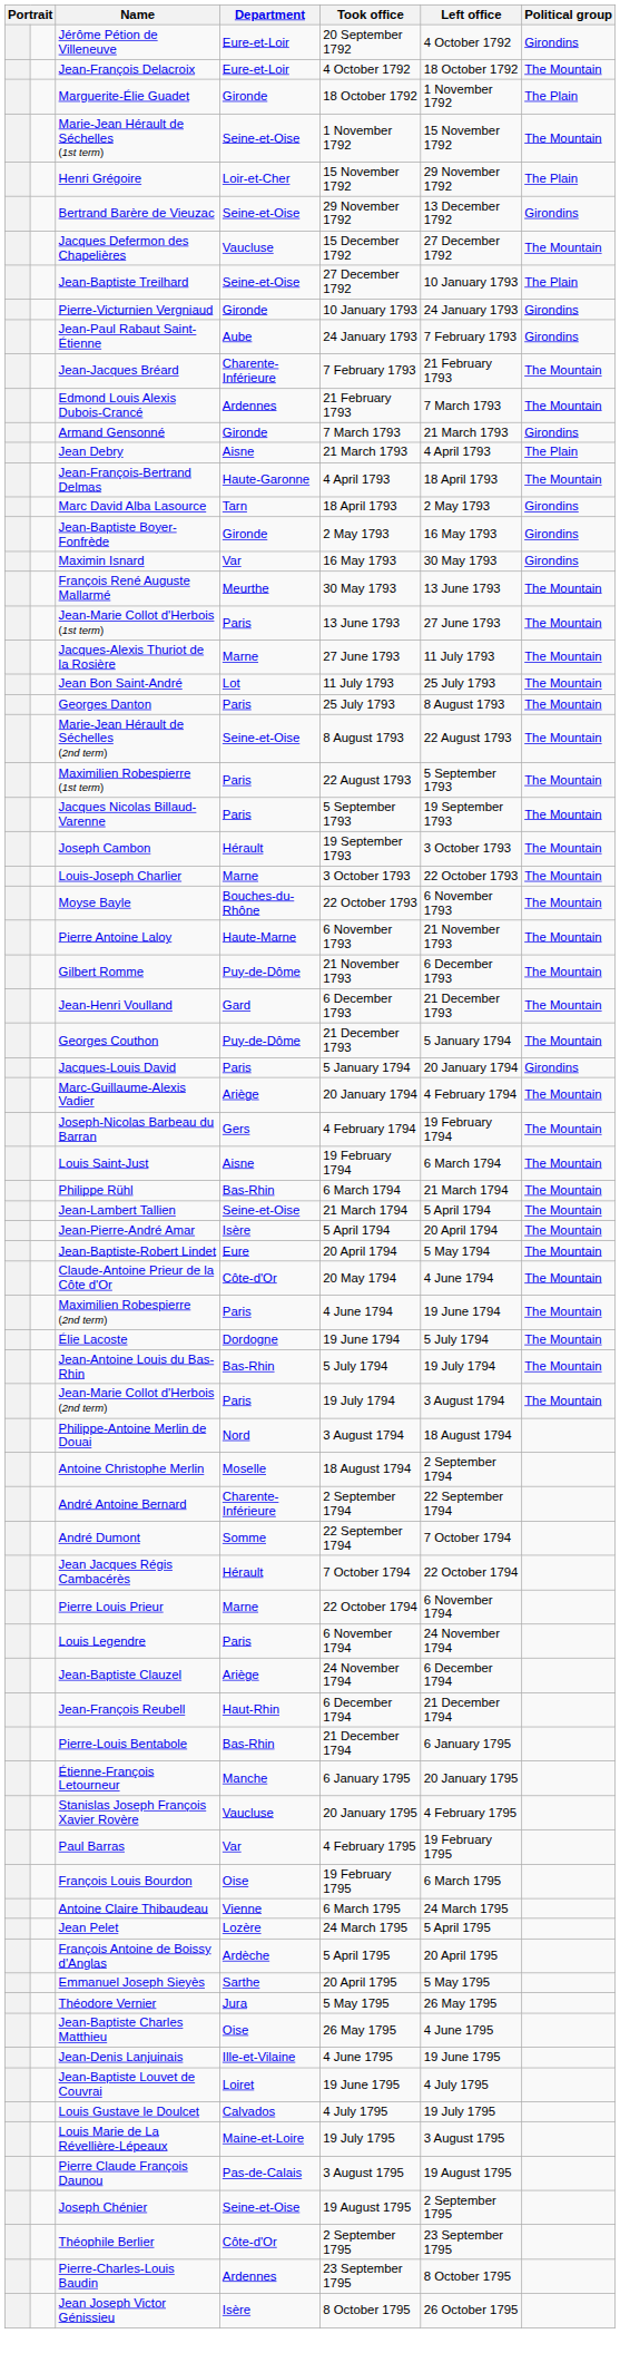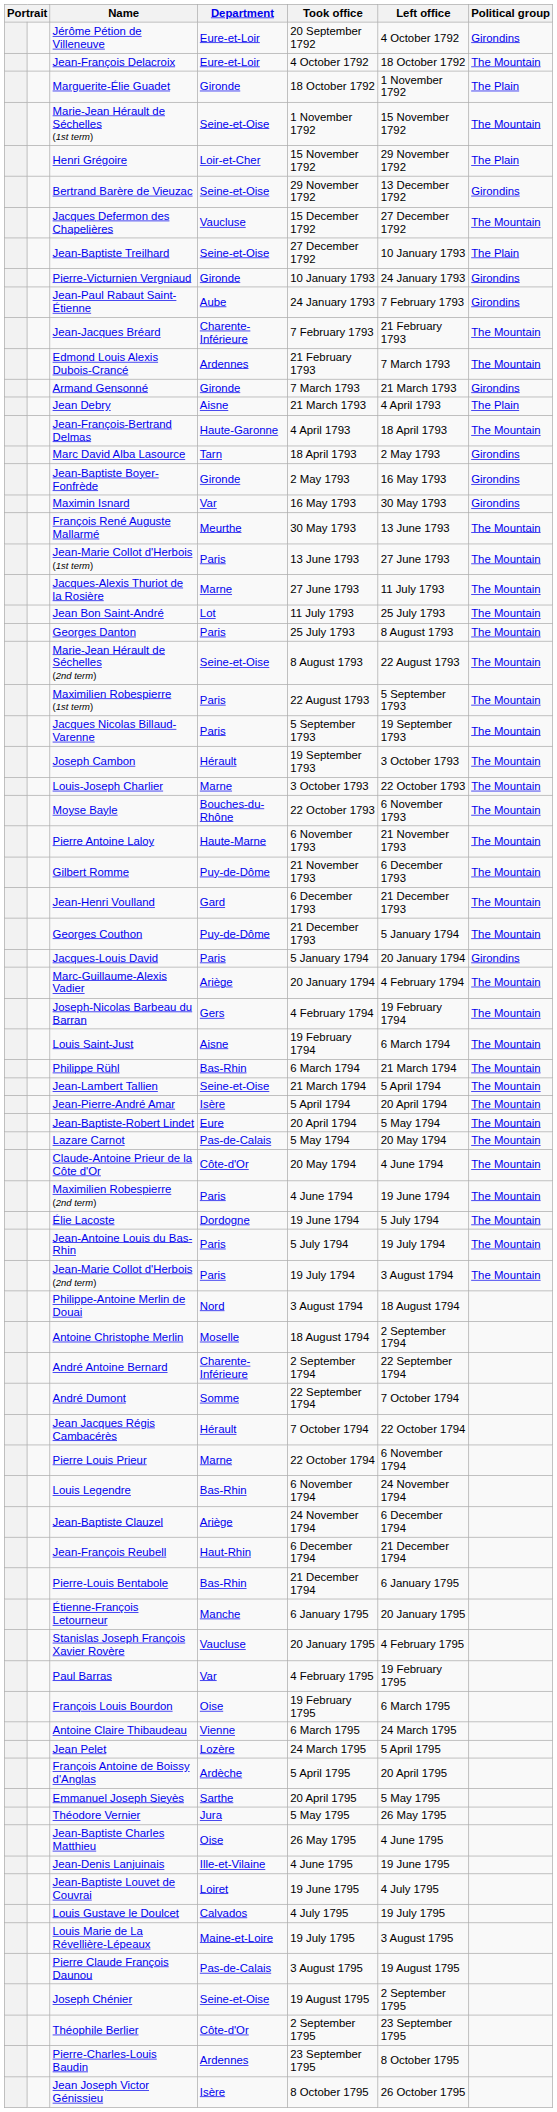 <table class="wikitable">
 <tr>
 <th colspan=2>Portrait</th>
 <th width=200>Name</th>
 <th width=120><a href='#'>Department</a></th>
 <th width=120>Took office</th>
 <th width=120>Left office</th>
 <th>Political group</th>
 </tr>
 <tr>
 <th style="background:"></th>
 <td></td>
 <td><a href='#'>Jérôme Pétion de Villeneuve</a></td>
 <td><a href='#'>Eure-et-Loir</a></td>
 <td>20 September 1792</td>
 <td>4 October 1792</td>
 <td><a href='#'>Girondins</a></td>
 </tr>
 <tr>
 <th style="background:"></th>
 <td></td>
 <td><a href='#'>Jean-François Delacroix</a></td>
 <td><a href='#'>Eure-et-Loir</a></td>
 <td>4 October 1792</td>
 <td>18 October 1792</td>
 <td><a href='#'>The Mountain</a></td>
 </tr>
 <tr>
 <th style="background:"></th>
 <td></td>
 <td><a href='#'>Marguerite-Élie Guadet</a></td>
 <td><a href='#'>Gironde</a></td>
 <td>18 October 1792</td>
 <td>1 November 1792</td>
 <td><a href='#'>The Plain</a></td>
 </tr>
 <tr>
 <th style="background:"></th>
 <td></td>
 <td><a href='#'>Marie-Jean Hérault de Séchelles</a><br><small>(<em>1st term</em>)</small></td>
 <td><a href='#'>Seine-et-Oise</a></td>
 <td>1 November 1792</td>
 <td>15 November 1792</td>
 <td><a href='#'>The Mountain</a></td>
 </tr>
 <tr>
 <th style="background:"></th>
 <td></td>
 <td><a href='#'>Henri Grégoire</a></td>
 <td><a href='#'>Loir-et-Cher</a></td>
 <td>15 November 1792</td>
 <td>29 November 1792</td>
 <td><a href='#'>The Plain</a></td>
 </tr>
 <tr>
 <th style="background:"></th>
 <td></td>
 <td><a href='#'>Bertrand Barère de Vieuzac</a></td>
 <td><a href='#'>Seine-et-Oise</a></td>
 <td>29 November 1792</td>
 <td>13 December 1792</td>
 <td><a href='#'>Girondins</a></td>
 </tr>
 <tr>
 <th style="background:"></th>
 <td></td>
 <td><a href='#'>Jacques Defermon des Chapelières</a></td>
 <td><a href='#'>Vaucluse</a></td>
 <td>15 December 1792</td>
 <td>27 December 1792</td>
 <td><a href='#'>The Mountain</a></td>
 </tr>
 <tr>
 <th style="background:"></th>
 <td></td>
 <td><a href='#'>Jean-Baptiste Treilhard</a></td>
 <td><a href='#'>Seine-et-Oise</a></td>
 <td>27 December 1792</td>
 <td>10 January 1793</td>
 <td><a href='#'>The Plain</a></td>
 </tr>
 <tr>
 <th style="background:"></th>
 <td></td>
 <td><a href='#'>Pierre-Victurnien Vergniaud</a></td>
 <td><a href='#'>Gironde</a></td>
 <td>10 January 1793</td>
 <td>24 January 1793</td>
 <td><a href='#'>Girondins</a></td>
 </tr>
 <tr>
 <th style="background:"></th>
 <td></td>
 <td><a href='#'>Jean-Paul Rabaut Saint-Étienne</a></td>
 <td><a href='#'>Aube</a></td>
 <td>24 January 1793</td>
 <td>7 February 1793</td>
 <td><a href='#'>Girondins</a></td>
 </tr>
 <tr>
 <th style="background:"></th>
 <td></td>
 <td><a href='#'>Jean-Jacques Bréard</a></td>
 <td><a href='#'>Charente-Inférieure</a></td>
 <td>7 February 1793</td>
 <td>21 February 1793</td>
 <td><a href='#'>The Mountain</a></td>
 </tr>
 <tr>
 <th style="background:"></th>
 <td></td>
 <td><a href='#'>Edmond Louis Alexis Dubois-Crancé</a></td>
 <td><a href='#'>Ardennes</a></td>
 <td>21 February 1793</td>
 <td>7 March 1793</td>
 <td><a href='#'>The Mountain</a></td>
 </tr>
 <tr>
 <th style="background:"></th>
 <td></td>
 <td><a href='#'>Armand Gensonné</a></td>
 <td><a href='#'>Gironde</a></td>
 <td>7 March 1793</td>
 <td>21 March 1793</td>
 <td><a href='#'>Girondins</a></td>
 </tr>
 <tr>
 <th style="background:"></th>
 <td></td>
 <td><a href='#'>Jean Debry</a></td>
 <td><a href='#'>Aisne</a></td>
 <td>21 March 1793</td>
 <td>4 April 1793</td>
 <td><a href='#'>The Plain</a></td>
 </tr>
 <tr>
 <th style="background:"></th>
 <td></td>
 <td><a href='#'>Jean-François-Bertrand Delmas</a></td>
 <td><a href='#'>Haute-Garonne</a></td>
 <td>4 April 1793</td>
 <td>18 April 1793</td>
 <td><a href='#'>The Mountain</a></td>
 </tr>
 <tr>
 <th style="background:"></th>
 <td></td>
 <td><a href='#'>Marc David Alba Lasource</a></td>
 <td><a href='#'>Tarn</a></td>
 <td>18 April 1793</td>
 <td>2 May 1793</td>
 <td><a href='#'>Girondins</a></td>
 </tr>
 <tr>
 <th style="background:"></th>
 <td></td>
 <td><a href='#'>Jean-Baptiste Boyer-Fonfrède</a></td>
 <td><a href='#'>Gironde</a></td>
 <td>2 May 1793</td>
 <td>16 May 1793</td>
 <td><a href='#'>Girondins</a></td>
 </tr>
 <tr>
 <th style="background:"></th>
 <td></td>
 <td><a href='#'>Maximin Isnard</a></td>
 <td><a href='#'>Var</a></td>
 <td>16 May 1793</td>
 <td>30 May 1793</td>
 <td><a href='#'>Girondins</a></td>
 </tr>
 <tr>
 <th style="background:"></th>
 <td></td>
 <td><a href='#'>François René Auguste Mallarmé</a></td>
 <td><a href='#'>Meurthe</a></td>
 <td>30 May 1793</td>
 <td>13 June 1793</td>
 <td><a href='#'>The Mountain</a></td>
 </tr>
 <tr>
 <th style="background:"></th>
 <td></td>
 <td><a href='#'>Jean-Marie Collot d'Herbois</a><br><small>(<em>1st term</em>)</small></td>
 <td><a href='#'>Paris</a></td>
 <td>13 June 1793</td>
 <td>27 June 1793</td>
 <td><a href='#'>The Mountain</a></td>
 </tr>
 <tr>
 <th style="background:"></th>
 <td></td>
 <td><a href='#'>Jacques-Alexis Thuriot de la Rosière</a></td>
 <td><a href='#'>Marne</a></td>
 <td>27 June 1793</td>
 <td>11 July 1793</td>
 <td><a href='#'>The Mountain</a></td>
 </tr>
 <tr>
 <th style="background:"></th>
 <td></td>
 <td><a href='#'>Jean Bon Saint-André</a></td>
 <td><a href='#'>Lot</a></td>
 <td>11 July 1793</td>
 <td>25 July 1793</td>
 <td><a href='#'>The Mountain</a></td>
 </tr>
 <tr>
 <th style="background:"></th>
 <td></td>
 <td><a href='#'>Georges Danton</a></td>
 <td><a href='#'>Paris</a></td>
 <td>25 July 1793</td>
 <td>8 August 1793</td>
 <td><a href='#'>The Mountain</a></td>
 </tr>
 <tr>
 <th style="background:"></th>
 <td></td>
 <td><a href='#'>Marie-Jean Hérault de Séchelles</a><br><small>(<em>2nd term</em>)</small></td>
 <td><a href='#'>Seine-et-Oise</a></td>
 <td>8 August 1793</td>
 <td>22 August 1793</td>
 <td><a href='#'>The Mountain</a></td>
 </tr>
 <tr>
 <th style="background:"></th>
 <td></td>
 <td><a href='#'>Maximilien Robespierre</a><br><small>(<em>1st term</em>)</small></td>
 <td><a href='#'>Paris</a></td>
 <td>22 August 1793</td>
 <td>5 September 1793</td>
 <td><a href='#'>The Mountain</a></td>
 </tr>
 <tr>
 <th style="background:"></th>
 <td></td>
 <td><a href='#'>Jacques Nicolas Billaud-Varenne</a></td>
 <td><a href='#'>Paris</a></td>
 <td>5 September 1793</td>
 <td>19 September 1793</td>
 <td><a href='#'>The Mountain</a></td>
 </tr>
 <tr>
 <th style="background:"></th>
 <td></td>
 <td><a href='#'>Joseph Cambon</a></td>
 <td><a href='#'>Hérault</a></td>
 <td>19 September 1793</td>
 <td>3 October 1793</td>
 <td><a href='#'>The Mountain</a></td>
 </tr>
 <tr>
 <th style="background:"></th>
 <td></td>
 <td><a href='#'>Louis-Joseph Charlier</a></td>
 <td><a href='#'>Marne</a></td>
 <td>3 October 1793</td>
 <td>22 October 1793</td>
 <td><a href='#'>The Mountain</a></td>
 </tr>
 <tr>
 <th style="background:"></th>
 <td></td>
 <td><a href='#'>Moyse Bayle</a></td>
 <td><a href='#'>Bouches-du-Rhône</a></td>
 <td>22 October 1793</td>
 <td>6 November 1793</td>
 <td><a href='#'>The Mountain</a></td>
 </tr>
 <tr>
 <th style="background:"></th>
 <td></td>
 <td><a href='#'>Pierre Antoine Laloy</a></td>
 <td><a href='#'>Haute-Marne</a></td>
 <td>6 November 1793</td>
 <td>21 November 1793</td>
 <td><a href='#'>The Mountain</a></td>
 </tr>
 <tr>
 <th style="background:"></th>
 <td></td>
 <td><a href='#'>Gilbert Romme</a></td>
 <td><a href='#'>Puy-de-Dôme</a></td>
 <td>21 November 1793</td>
 <td>6 December 1793</td>
 <td><a href='#'>The Mountain</a></td>
 </tr>
 <tr>
 <th style="background:"></th>
 <td></td>
 <td><a href='#'>Jean-Henri Voulland</a></td>
 <td><a href='#'>Gard</a></td>
 <td>6 December 1793</td>
 <td>21 December 1793</td>
 <td><a href='#'>The Mountain</a></td>
 </tr>
 <tr>
 <th style="background:"></th>
 <td></td>
 <td><a href='#'>Georges Couthon</a></td>
 <td><a href='#'>Puy-de-Dôme</a></td>
 <td>21 December 1793</td>
 <td>5 January 1794</td>
 <td><a href='#'>The Mountain</a></td>
 </tr>
 <tr>
 <th style="background:"></th>
 <td></td>
 <td><a href='#'>Jacques-Louis David</a></td>
 <td><a href='#'>Paris</a></td>
 <td>5 January 1794</td>
 <td>20 January 1794</td>
 <td><a href='#'>Girondins</a></td>
 </tr>
 <tr>
 <th style="background:"></th>
 <td></td>
 <td><a href='#'>Marc-Guillaume-Alexis Vadier</a></td>
 <td><a href='#'>Ariège</a></td>
 <td>20 January 1794</td>
 <td>4 February 1794</td>
 <td><a href='#'>The Mountain</a></td>
 </tr>
 <tr>
 <th style="background:"></th>
 <td></td>
 <td><a href='#'>Joseph-Nicolas Barbeau du Barran</a></td>
 <td><a href='#'>Gers</a></td>
 <td>4 February 1794</td>
 <td>19 February 1794</td>
 <td><a href='#'>The Mountain</a></td>
 </tr>
 <tr>
 <th style="background:"></th>
 <td></td>
 <td><a href='#'>Louis Saint-Just</a></td>
 <td><a href='#'>Aisne</a></td>
 <td>19 February 1794</td>
 <td>6 March 1794</td>
 <td><a href='#'>The Mountain</a></td>
 </tr>
 <tr>
 <th style="background:"></th>
 <td></td>
 <td><a href='#'>Philippe Rühl</a></td>
 <td><a href='#'>Bas-Rhin</a></td>
 <td>6 March 1794</td>
 <td>21 March 1794</td>
 <td><a href='#'>The Mountain</a></td>
 </tr>
 <tr>
 <th style="background:"></th>
 <td></td>
 <td><a href='#'>Jean-Lambert Tallien</a></td>
 <td><a href='#'>Seine-et-Oise</a></td>
 <td>21 March 1794</td>
 <td>5 April 1794</td>
 <td><a href='#'>The Mountain</a></td>
 </tr>
 <tr>
 <th style="background:"></th>
 <td></td>
 <td><a href='#'>Jean-Pierre-André Amar</a></td>
 <td><a href='#'>Isère</a></td>
 <td>5 April 1794</td>
 <td>20 April 1794</td>
 <td><a href='#'>The Mountain</a></td>
 </tr>
 <tr>
 <th style="background:"></th>
 <td></td>
 <td><a href='#'>Jean-Baptiste-Robert Lindet</a></td>
 <td><a href='#'>Eure</a></td>
 <td>20 April 1794</td>
 <td>5 May 1794</td>
 <td><a href='#'>The Mountain</a></td>
 </tr>
 <tr>
 <th style="background:"></th>
 <td></td>
+<td><a href='#'>Lazare Carnot</a></td>
+<td><a href='#'>Pas-de-Calais</a></td>
+<td>5 May 1794</td>
+<td>20 May 1794</td>
+<td><a href='#'>The Mountain</a></td>
+</tr>
+<tr>
+<th style="background:"></th>
+<td></td>
 <td><a href='#'>Claude-Antoine Prieur de la Côte d'Or</a></td>
 <td><a href='#'>Côte-d'Or</a></td>
 <td>20 May 1794</td>
 <td>4 June 1794</td>
 <td><a href='#'>The Mountain</a></td>
 </tr>
 <tr>
 <th style="background:"></th>
 <td></td>
 <td><a href='#'>Maximilien Robespierre</a><br><small>(<em>2nd term</em>)</small></td>
 <td><a href='#'>Paris</a></td>
 <td>4 June 1794</td>
 <td>19 June 1794</td>
 <td><a href='#'>The Mountain</a></td>
 </tr>
 <tr>
 <th style="background:"></th>
 <td></td>
 <td><a href='#'>Élie Lacoste</a></td>
 <td><a href='#'>Dordogne</a></td>
 <td>19 June 1794</td>
 <td>5 July 1794</td>
 <td><a href='#'>The Mountain</a></td>
 </tr>
 <tr>
 <th style="background:"></th>
 <td></td>
 <td><a href='#'>Jean-Antoine Louis du Bas-Rhin</a></td>
-<td><a href='#'>Bas-Rhin</a></td>
+<td><a href='#'>Paris</a></td>
 <td>5 July 1794</td>
 <td>19 July 1794</td>
 <td><a href='#'>The Mountain</a></td>
 </tr>
 <tr>
 <th style="background:"></th>
 <td></td>
 <td><a href='#'>Jean-Marie Collot d'Herbois</a><br><small>(<em>2nd term</em>)</small></td>
 <td><a href='#'>Paris</a></td>
 <td>19 July 1794</td>
 <td>3 August 1794</td>
 <td><a href='#'>The Mountain</a></td>
 </tr>
 <tr>
 <th></th>
 <td></td>
 <td><a href='#'>Philippe-Antoine Merlin de Douai</a></td>
 <td><a href='#'>Nord</a></td>
 <td>3 August 1794</td>
 <td>18 August 1794</td>
 <td></td>
 </tr>
 <tr>
 <th></th>
 <td></td>
 <td><a href='#'>Antoine Christophe Merlin</a></td>
 <td><a href='#'>Moselle</a></td>
 <td>18 August 1794</td>
 <td>2 September 1794</td>
 <td></td>
 </tr>
 <tr>
 <th></th>
 <td></td>
 <td><a href='#'>André Antoine Bernard</a></td>
 <td><a href='#'>Charente-Inférieure</a></td>
 <td>2 September 1794</td>
 <td>22 September 1794</td>
 <td></td>
 </tr>
 <tr>
 <th></th>
 <td></td>
 <td><a href='#'>André Dumont</a></td>
 <td><a href='#'>Somme</a></td>
 <td>22 September 1794</td>
 <td>7 October 1794</td>
 <td></td>
 </tr>
 <tr>
 <th></th>
 <td></td>
 <td><a href='#'>Jean Jacques Régis Cambacérès</a></td>
 <td><a href='#'>Hérault</a></td>
 <td>7 October 1794</td>
 <td>22 October 1794</td>
 <td></td>
 </tr>
 <tr>
 <th></th>
 <td></td>
 <td><a href='#'>Pierre Louis Prieur</a></td>
 <td><a href='#'>Marne</a></td>
 <td>22 October 1794</td>
 <td>6 November 1794</td>
 <td></td>
 </tr>
 <tr>
 <th></th>
 <td></td>
 <td><a href='#'>Louis Legendre</a></td>
-<td><a href='#'>Paris</a></td>
+<td><a href='#'>Bas-Rhin</a></td>
 <td>6 November 1794</td>
 <td>24 November 1794</td>
 <td></td>
 </tr>
 <tr>
 <th></th>
 <td></td>
 <td><a href='#'>Jean-Baptiste Clauzel</a></td>
 <td><a href='#'>Ariège</a></td>
 <td>24 November 1794</td>
 <td>6 December 1794</td>
 <td></td>
 </tr>
 <tr>
 <th></th>
 <td></td>
 <td><a href='#'>Jean-François Reubell</a></td>
 <td><a href='#'>Haut-Rhin</a></td>
 <td>6 December 1794</td>
 <td>21 December 1794</td>
 <td></td>
 </tr>
 <tr>
 <th></th>
 <td></td>
 <td><a href='#'>Pierre-Louis Bentabole</a></td>
 <td><a href='#'>Bas-Rhin</a></td>
 <td>21 December 1794</td>
 <td>6 January 1795</td>
 <td></td>
 </tr>
 <tr>
 <th></th>
 <td></td>
 <td><a href='#'>Étienne-François Letourneur</a></td>
 <td><a href='#'>Manche</a></td>
 <td>6 January 1795</td>
 <td>20 January 1795</td>
 <td></td>
 </tr>
 <tr>
 <th></th>
 <td></td>
 <td><a href='#'>Stanislas Joseph François Xavier Rovère</a></td>
 <td><a href='#'>Vaucluse</a></td>
 <td>20 January 1795</td>
 <td>4 February 1795</td>
 <td></td>
 </tr>
 <tr>
 <th></th>
 <td></td>
 <td><a href='#'>Paul Barras</a></td>
 <td><a href='#'>Var</a></td>
 <td>4 February 1795</td>
 <td>19 February 1795</td>
 <td></td>
 </tr>
 <tr>
 <th></th>
 <td></td>
 <td><a href='#'>François Louis Bourdon</a></td>
 <td><a href='#'>Oise</a></td>
 <td>19 February 1795</td>
 <td>6 March 1795</td>
 <td></td>
 </tr>
 <tr>
 <th></th>
 <td></td>
 <td><a href='#'>Antoine Claire Thibaudeau</a></td>
 <td><a href='#'>Vienne</a></td>
 <td>6 March 1795</td>
 <td>24 March 1795</td>
 <td></td>
 </tr>
 <tr>
 <th></th>
 <td></td>
 <td><a href='#'>Jean Pelet</a></td>
 <td><a href='#'>Lozère</a></td>
 <td>24 March 1795</td>
 <td>5 April 1795</td>
 <td></td>
 </tr>
 <tr>
 <th></th>
 <td></td>
 <td><a href='#'>François Antoine de Boissy d'Anglas</a></td>
 <td><a href='#'>Ardèche</a></td>
 <td>5 April 1795</td>
 <td>20 April 1795</td>
 <td></td>
 </tr>
 <tr>
 <th></th>
 <td></td>
 <td><a href='#'>Emmanuel Joseph Sieyès</a></td>
 <td><a href='#'>Sarthe</a></td>
 <td>20 April 1795</td>
 <td>5 May 1795</td>
 <td></td>
 </tr>
 <tr>
 <th></th>
 <td></td>
 <td><a href='#'>Théodore Vernier</a></td>
 <td><a href='#'>Jura</a></td>
 <td>5 May 1795</td>
 <td>26 May 1795</td>
 <td></td>
 </tr>
 <tr>
 <th></th>
 <td></td>
 <td><a href='#'>Jean-Baptiste Charles Matthieu</a></td>
 <td><a href='#'>Oise</a></td>
 <td>26 May 1795</td>
 <td>4 June 1795</td>
 <td></td>
 </tr>
 <tr>
 <th></th>
 <td></td>
 <td><a href='#'>Jean-Denis Lanjuinais</a></td>
 <td><a href='#'>Ille-et-Vilaine</a></td>
 <td>4 June 1795</td>
 <td>19 June 1795</td>
 <td></td>
 </tr>
 <tr>
 <th></th>
 <td></td>
 <td><a href='#'>Jean-Baptiste Louvet de Couvrai</a></td>
 <td><a href='#'>Loiret</a></td>
 <td>19 June 1795</td>
 <td>4 July 1795</td>
 <td></td>
 </tr>
 <tr>
 <th></th>
 <td></td>
 <td><a href='#'>Louis Gustave le Doulcet</a></td>
 <td><a href='#'>Calvados</a></td>
 <td>4 July 1795</td>
 <td>19 July 1795</td>
 <td></td>
 </tr>
 <tr>
 <th></th>
 <td></td>
 <td><a href='#'>Louis Marie de La Révellière-Lépeaux</a></td>
 <td><a href='#'>Maine-et-Loire</a></td>
 <td>19 July 1795</td>
 <td>3 August 1795</td>
 <td></td>
 </tr>
 <tr>
 <th></th>
 <td></td>
 <td><a href='#'>Pierre Claude François Daunou</a></td>
 <td><a href='#'>Pas-de-Calais</a></td>
 <td>3 August 1795</td>
 <td>19 August 1795</td>
 <td></td>
 </tr>
 <tr>
 <th></th>
 <td></td>
 <td><a href='#'>Joseph Chénier</a></td>
 <td><a href='#'>Seine-et-Oise</a></td>
 <td>19 August 1795</td>
 <td>2 September 1795</td>
 <td></td>
 </tr>
 <tr>
 <th></th>
 <td></td>
 <td><a href='#'>Théophile Berlier</a></td>
 <td><a href='#'>Côte-d'Or</a></td>
 <td>2 September 1795</td>
 <td>23 September 1795</td>
 <td></td>
 </tr>
 <tr>
 <th></th>
 <td></td>
 <td><a href='#'>Pierre-Charles-Louis Baudin</a></td>
 <td><a href='#'>Ardennes</a></td>
 <td>23 September 1795</td>
 <td>8 October 1795</td>
 <td></td>
 </tr>
 <tr>
 <th></th>
 <td></td>
 <td><a href='#'>Jean Joseph Victor Génissieu</a></td>
 <td><a href='#'>Isère</a></td>
 <td>8 October 1795</td>
 <td>26 October 1795</td>
 <td></td>
 </tr>
 </table>
